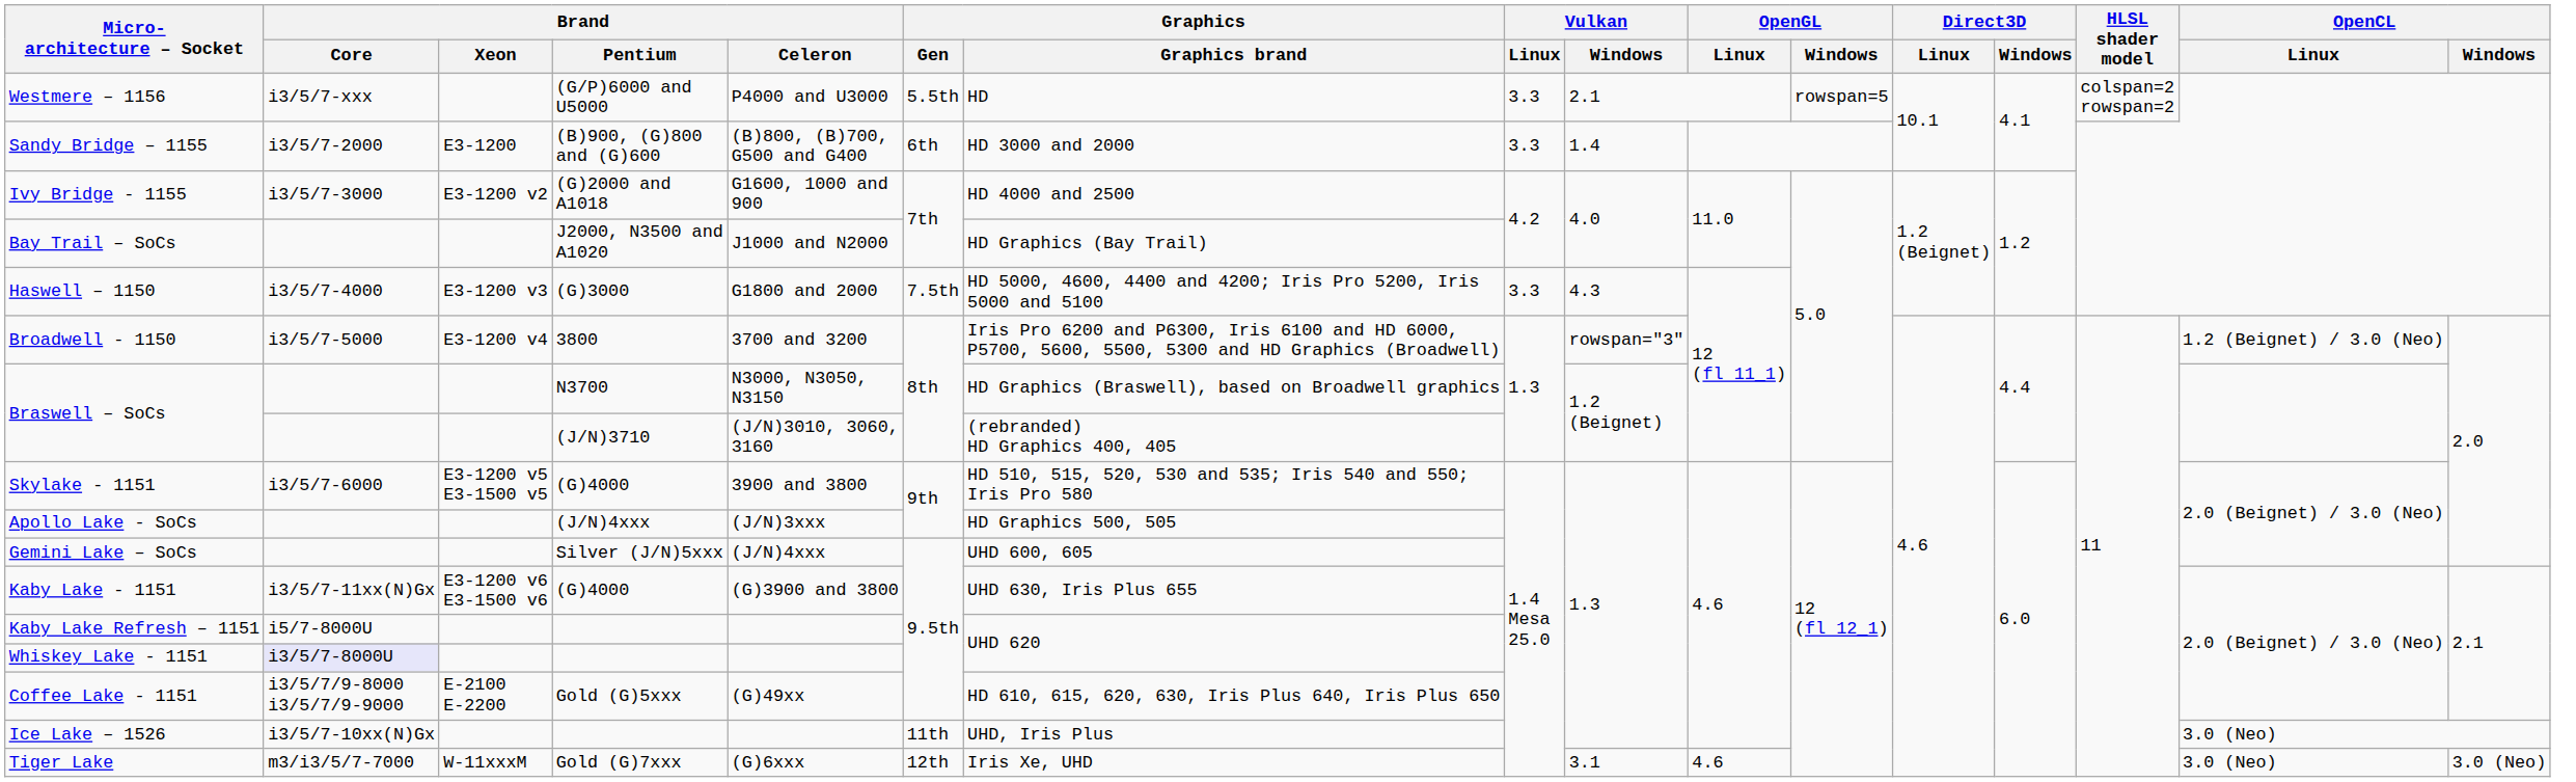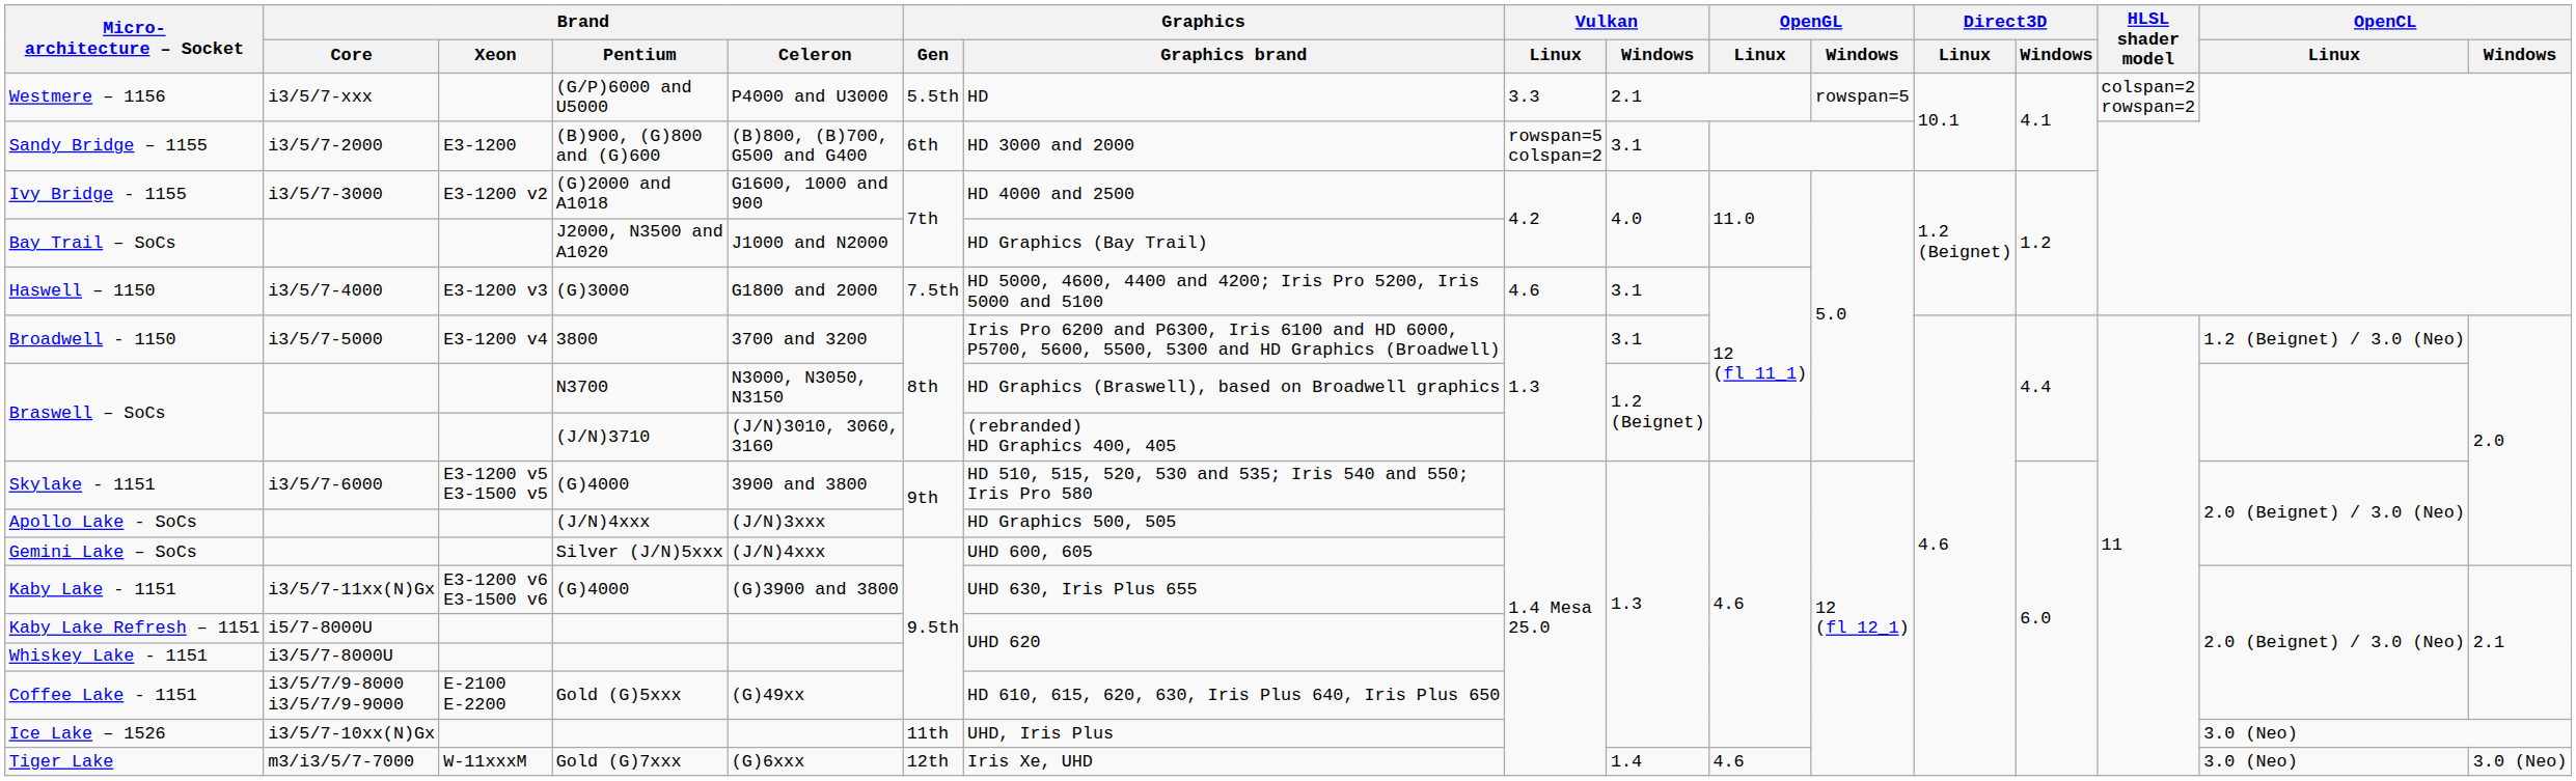 <table class="wikitable">
 <tr>
 <th rowspan=2><a href='#'>Micro-<br>architecture</a> – Socket</th>
 <th colspan=4>Brand</th>
 <th colspan=2>Graphics</th>
 <th colspan=2><a href='#'>Vulkan</a></th>
 <th colspan=2><a href='#'>OpenGL</a></th>
 <th colspan=2><a href='#'>Direct3D</a></th>
 <th rowspan=2><a href='#'>HLSL</a> shader model</th>
 <th colspan=2><a href='#'>OpenCL</a></th>
 </tr>
 <tr>
 <th>Core</th>
 <th>Xeon</th>
 <th>Pentium</th>
 <th>Celeron</th>
 <th>Gen</th>
 <th>Graphics brand</th>
 <th>Linux</th>
 <th>Windows</th>
 <th>Linux</th>
 <th>Windows</th>
 <th>Linux</th>
 <th>Windows</th>
 <th>Linux</th>
 <th>Windows</th>
 </tr>
 <tr>
 <td><a href='#'>Westmere</a> – 1156</td>
 <td>i3/5/7-xxx</td>
 <td></td>
 <td>(G/P)6000 and U5000</td>
 <td>P4000 and U3000</td>
 <td>5.5th</td>
 <td>HD</td>
 <td>3.3</td>
 <td colspan=2>2.1</td>
 <td>rowspan=5 </td>
 <td rowspan=2>10.1</td>
 <td rowspan=2>4.1</td>
 <td>colspan=2 rowspan=2 </td>
 </tr>
 <tr>
 <td><a href='#'>Sandy Bridge</a> – 1155</td>
 <td>i3/5/7-2000</td>
 <td>E3-1200</td>
 <td>(B)900, (G)800 and (G)600</td>
 <td>(B)800, (B)700, G500 and G400</td>
 <td>6th</td>
 <td>HD 3000 and 2000</td>
-<td>3.3</td>
-<td>1.4</td>
+<td>rowspan=5 colspan=2 </td>
+<td>3.1</td>
 </tr>
 <tr>
 <td><a href='#'>Ivy Bridge</a> - 1155</td>
 <td>i3/5/7-3000</td>
 <td>E3-1200 v2</td>
 <td>(G)2000 and A1018</td>
 <td>G1600, 1000 and 900</td>
 <td rowspan="2">7th</td>
 <td>HD 4000 and 2500</td>
 <td rowspan=2>4.2</td>
 <td rowspan=2>4.0</td>
 <td rowspan="2">11.0</td>
 <td rowspan="6">5.0</td>
 <td rowspan=3>1.2 (Beignet)</td>
 <td rowspan="3">1.2</td>
 </tr>
 <tr>
 <td><a href='#'>Bay Trail</a> – SoCs</td>
 <td></td>
 <td></td>
 <td>J2000, N3500 and A1020</td>
 <td>J1000 and N2000</td>
 <td>HD Graphics (Bay Trail)</td>
 </tr>
 <tr>
 <td><a href='#'>Haswell</a> – 1150</td>
 <td>i3/5/7-4000</td>
 <td>E3-1200 v3</td>
 <td>(G)3000</td>
 <td>G1800 and 2000</td>
 <td>7.5th</td>
 <td>HD 5000, 4600, 4400 and 4200; Iris Pro 5200, Iris 5000 and 5100</td>
-<td>3.3</td>
-<td>4.3</td>
+<td>4.6</td>
+<td>3.1</td>
 <td rowspan=4>12 (<a href='#'>fl 11_1</a>)</td>
 </tr>
 <tr>
 <td><a href='#'>Broadwell</a> - 1150</td>
 <td>i3/5/7-5000</td>
 <td>E3-1200 v4</td>
 <td>3800</td>
 <td>3700 and 3200</td>
 <td rowspan="3">8th</td>
 <td>Iris Pro 6200 and P6300, Iris 6100 and HD 6000, P5700, 5600, 5500, 5300 and HD Graphics (Broadwell)</td>
 <td rowspan="3">1.3</td>
-<td>rowspan="3" </td>
+<td>3.1</td>
 <td rowspan="12">4.6</td>
 <td rowspan="3">4.4</td>
 <td rowspan=12>11</td>
 <td>1.2 (Beignet) / 3.0 (Neo)</td>
 <td rowspan="6">2.0</td>
 </tr>
 <tr>
 <td rowspan="2"><a href='#'>Braswell</a> – SoCs</td>
 <td></td>
 <td></td>
 <td>N3700</td>
 <td>N3000, N3050, N3150</td>
 <td>HD Graphics (Braswell), based on Broadwell graphics</td>
 <td rowspan="2">1.2 (Beignet)</td>
 </tr>
 <tr>
 <td></td>
 <td></td>
 <td>(J/N)3710</td>
 <td>(J/N)3010, 3060, 3160</td>
 <td>(rebranded)<br> HD Graphics 400, 405</td>
 </tr>
 <tr>
 <td><a href='#'>Skylake</a> - 1151</td>
 <td>i3/5/7-6000</td>
 <td>E3-1200 v5 <br> E3-1500 v5</td>
 <td>(G)4000</td>
 <td>3900 and 3800</td>
 <td rowspan="2">9th</td>
 <td>HD 510, 515, 520, 530 and 535; Iris 540 and 550; Iris Pro 580</td>
 <td rowspan="9">1.4 Mesa 25.0</td>
 <td rowspan="8">1.3</td>
 <td rowspan=8>4.6</td>
 <td rowspan="9">12 (<a href='#'>fl 12_1</a>)</td>
 <td rowspan="9">6.0</td>
 <td rowspan="3">2.0 (Beignet) / 3.0 (Neo)</td>
 </tr>
 <tr>
 <td><a href='#'>Apollo Lake</a> - SoCs</td>
 <td></td>
 <td></td>
 <td>(J/N)4xxx</td>
 <td>(J/N)3xxx</td>
 <td>HD Graphics 500, 505</td>
 </tr>
 <tr style="white-space: nowrap;">
 <td><a href='#'>Gemini Lake</a> – SoCs</td>
 <td></td>
 <td></td>
 <td>Silver (J/N)5xxx</td>
 <td>(J/N)4xxx</td>
 <td rowspan="5">9.5th</td>
 <td>UHD 600, 605</td>
 </tr>
 <tr style="white-space: nowrap;">
 <td><a href='#'>Kaby Lake</a> - 1151</td>
 <td>i3/5/7-11xx(N)Gx</td>
 <td>E3-1200 v6 <br> E3-1500 v6</td>
 <td>(G)4000</td>
 <td>(G)3900 and 3800</td>
 <td>UHD 630, Iris Plus 655</td>
 <td rowspan="4">2.0 (Beignet) / 3.0 (Neo)</td>
 <td rowspan="4">2.1</td>
 </tr>
 <tr style="white-space: nowrap;">
 <td><a href='#'>Kaby Lake Refresh</a> – 1151</td>
 <td>i5/7-8000U</td>
 <td></td>
 <td></td>
 <td></td>
 <td rowspan="2">UHD 620</td>
 </tr>
 <tr style="white-space: nowrap;">
 <td><a href='#'>Whiskey Lake</a> - 1151</td>
-<td style="background: lavender;">i3/5/7-8000U</td>
+<td>i3/5/7-8000U</td>
 <td></td>
 <td></td>
 <td></td>
 </tr>
 <tr style="white-space: nowrap;">
 <td><a href='#'>Coffee Lake</a> - 1151</td>
 <td>i3/5/7/9-8000 <br> i3/5/7/9-9000</td>
 <td>E-2100 <br> E-2200</td>
 <td>Gold (G)5xxx</td>
 <td>(G)49xx</td>
 <td>HD 610, 615, 620, 630, Iris Plus 640, Iris Plus 650</td>
 </tr>
 <tr style="white-space: nowrap;">
 <td><a href='#'>Ice Lake</a> – 1526</td>
 <td>i3/5/7-10xx(N)Gx</td>
 <td></td>
 <td></td>
 <td></td>
 <td>11th</td>
 <td>UHD, Iris Plus</td>
 <td colspan="2">3.0 (Neo)</td>
 </tr>
 <tr style="white-space: nowrap;">
 <td><a href='#'>Tiger Lake</a></td>
 <td>m3/i3/5/7-7000</td>
 <td>W-11xxxM</td>
 <td>Gold (G)7xxx</td>
 <td>(G)6xxx</td>
 <td>12th</td>
 <td>Iris Xe, UHD</td>
-<td>3.1</td>
+<td>1.4</td>
 <td>4.6</td>
 <td>3.0 (Neo)</td>
 <td>3.0 (Neo)</td>
 </tr>
 </table>
